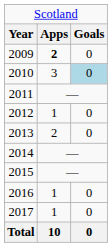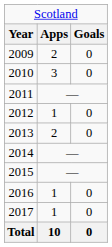 <table class="wikitable" style="text-align:center">
 <tr>
 <td colspan=3><a href='#'>Scotland</a></td>
 </tr>
 <tr>
 <th>Year</th>
 <th>Apps</th>
 <th>Goals</th>
 </tr>
 <tr>
 <td>2009</td>
-<td><strong>2</strong></td>
+<td>2</td>
 <td>0</td>
 </tr>
 <tr>
 <td>2010</td>
 <td>3</td>
-<td style="background: lightblue;">0</td>
+<td>0</td>
 </tr>
 <tr>
 <td>2011</td>
 <td colspan=2>—</td>
 </tr>
 <tr>
 <td>2012</td>
 <td>1</td>
 <td>0</td>
 </tr>
 <tr>
 <td>2013</td>
 <td>2</td>
 <td>0</td>
 </tr>
 <tr>
 <td>2014</td>
 <td colspan=2>—</td>
 </tr>
 <tr>
 <td>2015</td>
 <td colspan=2>—</td>
 </tr>
 <tr>
 <td>2016</td>
 <td>1</td>
 <td>0</td>
 </tr>
 <tr>
 <td>2017</td>
 <td>1</td>
 <td>0</td>
 </tr>
 <tr>
 <th>Total</th>
 <th>10</th>
 <th>0</th>
 </tr>
 </table>
